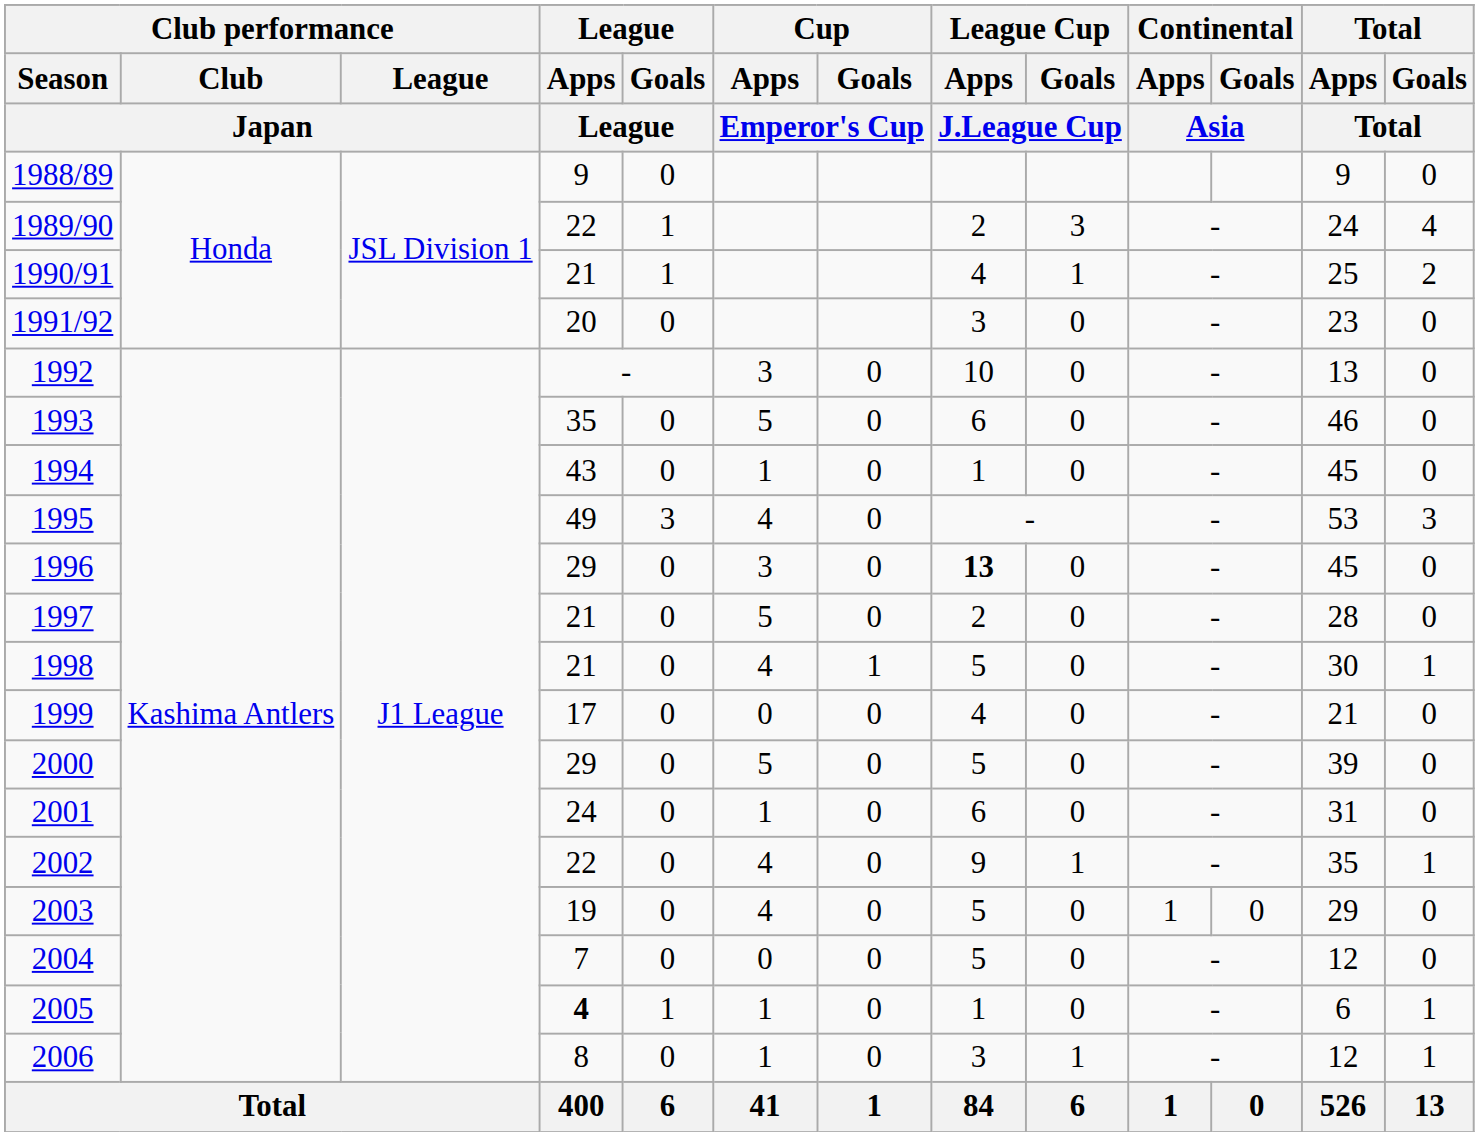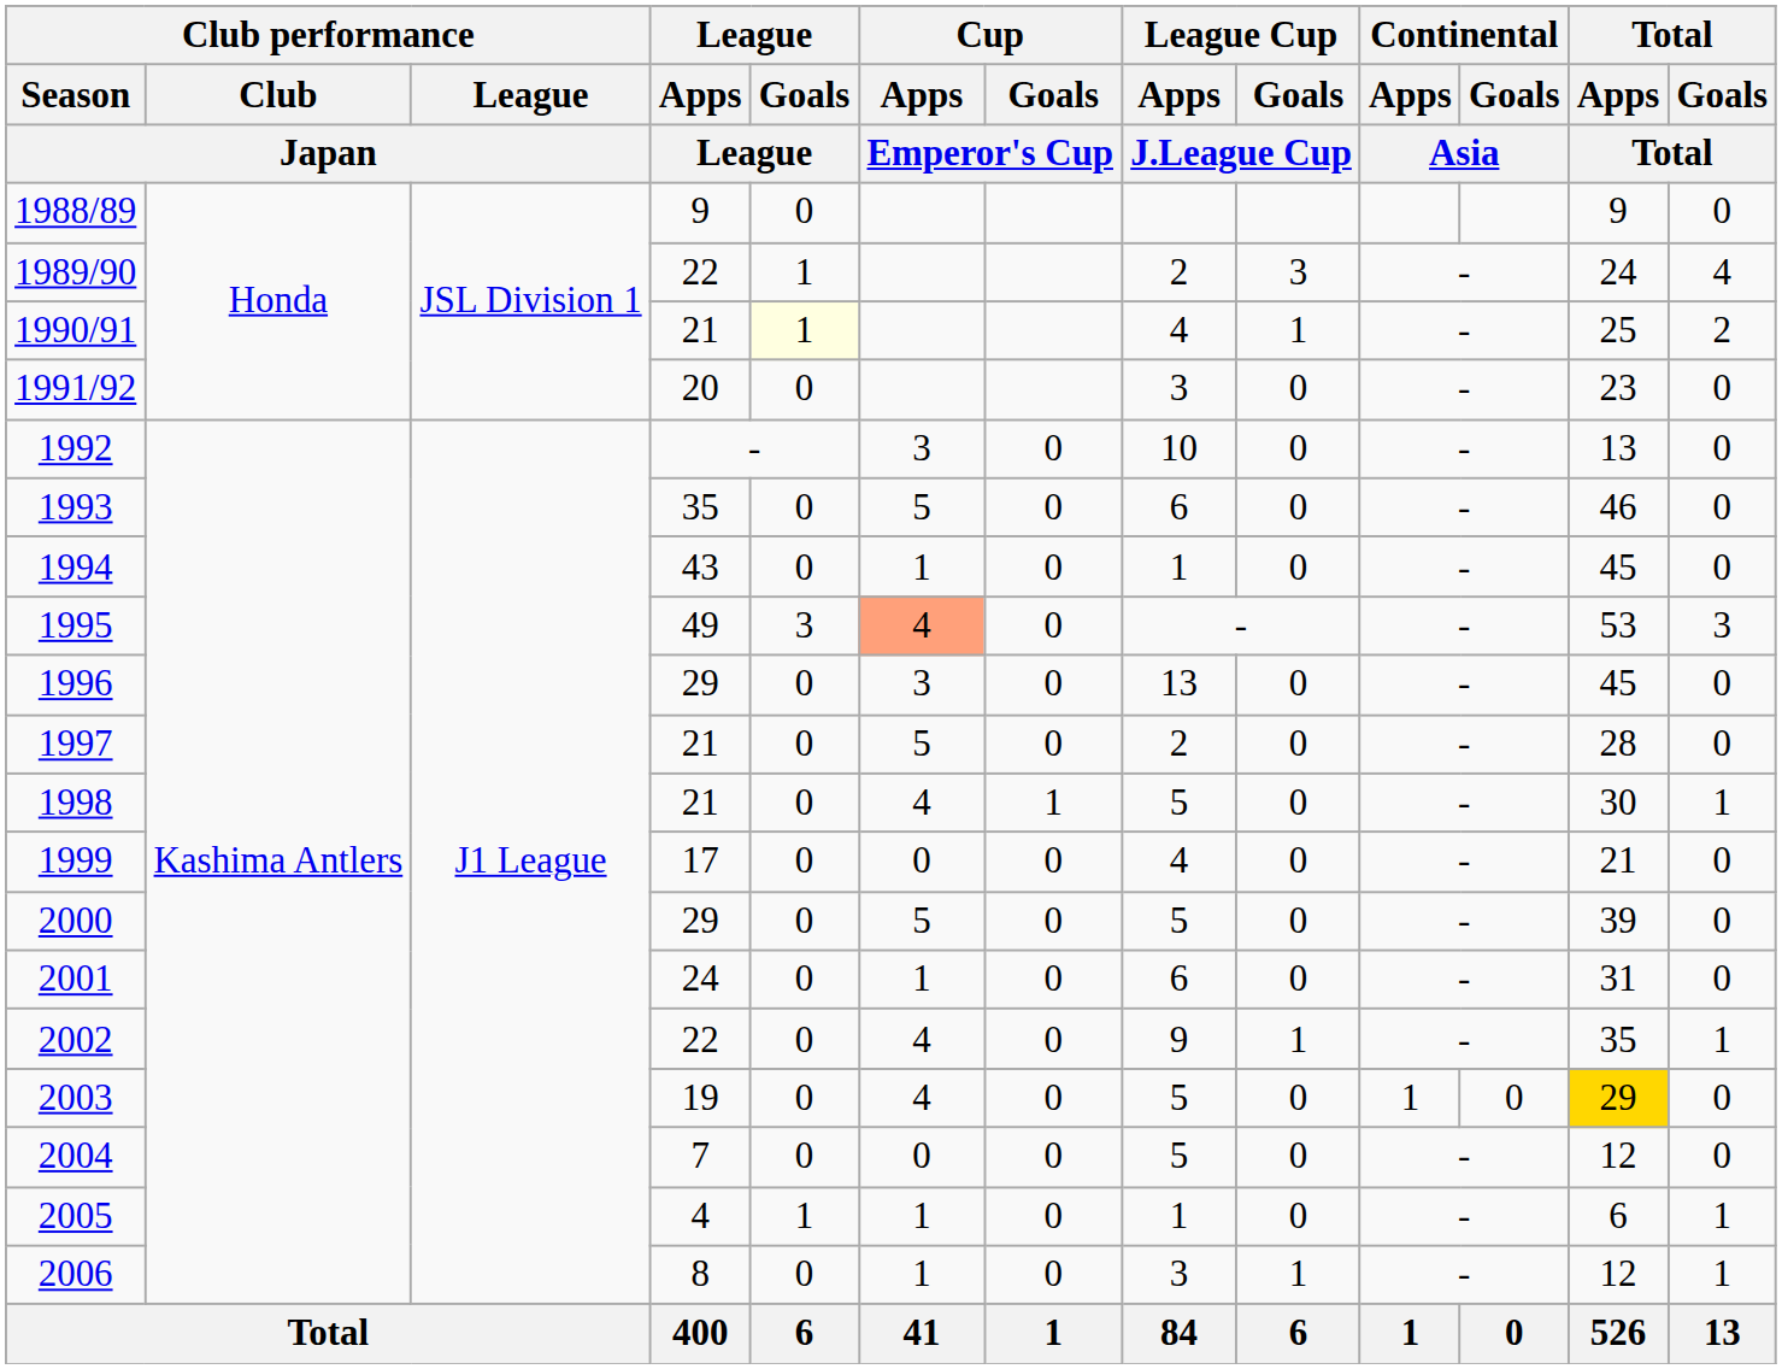 <table class="wikitable" style="text-align:center;">
 <tr>
 <th colspan=3>Club performance</th>
 <th colspan=2>League</th>
 <th colspan=2>Cup</th>
 <th colspan=2>League Cup</th>
 <th colspan=2>Continental</th>
 <th colspan=2>Total</th>
 </tr>
 <tr>
 <th>Season</th>
 <th>Club</th>
 <th>League</th>
 <th>Apps</th>
 <th>Goals</th>
 <th>Apps</th>
 <th>Goals</th>
 <th>Apps</th>
 <th>Goals</th>
 <th>Apps</th>
 <th>Goals</th>
 <th>Apps</th>
 <th>Goals</th>
 </tr>
 <tr>
 <th colspan=3>Japan</th>
 <th colspan=2>League</th>
 <th colspan=2><a href='#'>Emperor's Cup</a></th>
 <th colspan=2><a href='#'>J.League Cup</a></th>
 <th colspan=2><a href='#'>Asia</a></th>
 <th colspan=2>Total</th>
 </tr>
 <tr>
 <td><a href='#'>1988/89</a></td>
 <td rowspan="4"><a href='#'>Honda</a></td>
 <td rowspan="4"><a href='#'>JSL Division 1</a></td>
 <td>9</td>
 <td>0</td>
 <td></td>
 <td></td>
 <td></td>
 <td></td>
 <td></td>
 <td></td>
 <td>9</td>
 <td>0</td>
 </tr>
 <tr>
 <td><a href='#'>1989/90</a></td>
 <td>22</td>
 <td>1</td>
 <td></td>
 <td></td>
 <td>2</td>
 <td>3</td>
 <td colspan="2">-</td>
 <td>24</td>
 <td>4</td>
 </tr>
 <tr>
 <td><a href='#'>1990/91</a></td>
 <td>21</td>
-<td>1</td>
+<td style="background: lightyellow;">1</td>
 <td></td>
 <td></td>
 <td>4</td>
 <td>1</td>
 <td colspan="2">-</td>
 <td>25</td>
 <td>2</td>
 </tr>
 <tr>
 <td><a href='#'>1991/92</a></td>
 <td>20</td>
 <td>0</td>
 <td></td>
 <td></td>
 <td>3</td>
 <td>0</td>
 <td colspan="2">-</td>
 <td>23</td>
 <td>0</td>
 </tr>
 <tr>
 <td><a href='#'>1992</a></td>
 <td rowspan="15"><a href='#'>Kashima Antlers</a></td>
 <td rowspan="15"><a href='#'>J1 League</a></td>
 <td colspan="2">-</td>
 <td>3</td>
 <td>0</td>
 <td>10</td>
 <td>0</td>
 <td colspan="2">-</td>
 <td>13</td>
 <td>0</td>
 </tr>
 <tr>
 <td><a href='#'>1993</a></td>
 <td>35</td>
 <td>0</td>
 <td>5</td>
 <td>0</td>
 <td>6</td>
 <td>0</td>
 <td colspan="2">-</td>
 <td>46</td>
 <td>0</td>
 </tr>
 <tr>
 <td><a href='#'>1994</a></td>
 <td>43</td>
 <td>0</td>
 <td>1</td>
 <td>0</td>
 <td>1</td>
 <td>0</td>
 <td colspan="2">-</td>
 <td>45</td>
 <td>0</td>
 </tr>
 <tr>
 <td><a href='#'>1995</a></td>
 <td>49</td>
 <td>3</td>
-<td>4</td>
+<td style="background: lightsalmon;">4</td>
 <td>0</td>
 <td colspan="2">-</td>
 <td colspan="2">-</td>
 <td>53</td>
 <td>3</td>
 </tr>
 <tr>
 <td><a href='#'>1996</a></td>
 <td>29</td>
 <td>0</td>
 <td>3</td>
 <td>0</td>
-<td><strong>13</strong></td>
+<td>13</td>
 <td>0</td>
 <td colspan="2">-</td>
 <td>45</td>
 <td>0</td>
 </tr>
 <tr>
 <td><a href='#'>1997</a></td>
 <td>21</td>
 <td>0</td>
 <td>5</td>
 <td>0</td>
 <td>2</td>
 <td>0</td>
 <td colspan="2">-</td>
 <td>28</td>
 <td>0</td>
 </tr>
 <tr>
 <td><a href='#'>1998</a></td>
 <td>21</td>
 <td>0</td>
 <td>4</td>
 <td>1</td>
 <td>5</td>
 <td>0</td>
 <td colspan="2">-</td>
 <td>30</td>
 <td>1</td>
 </tr>
 <tr>
 <td><a href='#'>1999</a></td>
 <td>17</td>
 <td>0</td>
 <td>0</td>
 <td>0</td>
 <td>4</td>
 <td>0</td>
 <td colspan="2">-</td>
 <td>21</td>
 <td>0</td>
 </tr>
 <tr>
 <td><a href='#'>2000</a></td>
 <td>29</td>
 <td>0</td>
 <td>5</td>
 <td>0</td>
 <td>5</td>
 <td>0</td>
 <td colspan="2">-</td>
 <td>39</td>
 <td>0</td>
 </tr>
 <tr>
 <td><a href='#'>2001</a></td>
 <td>24</td>
 <td>0</td>
 <td>1</td>
 <td>0</td>
 <td>6</td>
 <td>0</td>
 <td colspan="2">-</td>
 <td>31</td>
 <td>0</td>
 </tr>
 <tr>
 <td><a href='#'>2002</a></td>
 <td>22</td>
 <td>0</td>
 <td>4</td>
 <td>0</td>
 <td>9</td>
 <td>1</td>
 <td colspan="2">-</td>
 <td>35</td>
 <td>1</td>
 </tr>
 <tr>
 <td><a href='#'>2003</a></td>
 <td>19</td>
 <td>0</td>
 <td>4</td>
 <td>0</td>
 <td>5</td>
 <td>0</td>
 <td>1</td>
 <td>0</td>
-<td>29</td>
+<td style="background: gold;">29</td>
 <td>0</td>
 </tr>
 <tr>
 <td><a href='#'>2004</a></td>
 <td>7</td>
 <td>0</td>
 <td>0</td>
 <td>0</td>
 <td>5</td>
 <td>0</td>
 <td colspan="2">-</td>
 <td>12</td>
 <td>0</td>
 </tr>
 <tr>
 <td><a href='#'>2005</a></td>
-<td><strong>4</strong></td>
+<td>4</td>
 <td>1</td>
 <td>1</td>
 <td>0</td>
 <td>1</td>
 <td>0</td>
 <td colspan="2">-</td>
 <td>6</td>
 <td>1</td>
 </tr>
 <tr>
 <td><a href='#'>2006</a></td>
 <td>8</td>
 <td>0</td>
 <td>1</td>
 <td>0</td>
 <td>3</td>
 <td>1</td>
 <td colspan="2">-</td>
 <td>12</td>
 <td>1</td>
 </tr>
 <tr>
 <th colspan=3>Total</th>
 <th>400</th>
 <th>6</th>
 <th>41</th>
 <th>1</th>
 <th>84</th>
 <th>6</th>
 <th>1</th>
 <th>0</th>
 <th>526</th>
 <th>13</th>
 </tr>
 </table>
